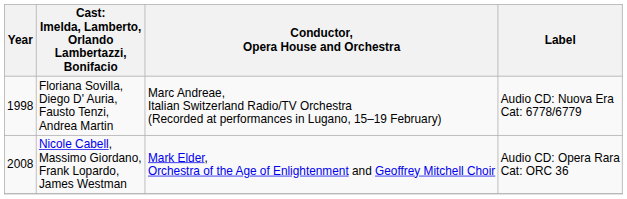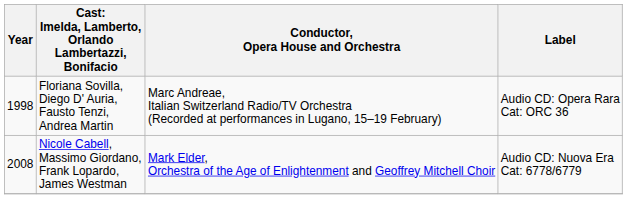 <table class="wikitable">
 <tr>
 <th>Year</th>
 <th width="140">Cast:<br>Imelda, Lamberto,<br>Orlando Lambertazzi,<br>Bonifacio</th>
 <th>Conductor,<br>Opera House and Orchestra</th>
 <th>Label</th>
 </tr>
 <tr>
 <td>1998</td>
 <td>Floriana Sovilla,<br>Diego D' Auria,<br>Fausto Tenzi,<br>Andrea Martin</td>
 <td>Marc Andreae,<br>Italian Switzerland Radio/TV Orchestra<br>(Recorded at performances in Lugano, 15–19 February)</td>
-<td>Audio CD: Nuova Era<br>Cat:  6778/6779</td>
+<td>Audio CD: Opera Rara<br>Cat: ORC 36</td>
 </tr>
 <tr>
 <td>2008</td>
 <td><a href='#'>Nicole Cabell</a>,<br>Massimo Giordano,<br>Frank Lopardo,<br>James Westman</td>
 <td><a href='#'>Mark Elder</a>,<br><a href='#'>Orchestra of the Age of Enlightenment</a> and <a href='#'>Geoffrey Mitchell Choir</a></td>
-<td>Audio CD: Opera Rara<br>Cat: ORC 36</td>
+<td>Audio CD: Nuova Era<br>Cat:  6778/6779</td>
 </tr>
 <tr>
 </tr>
 </table>
